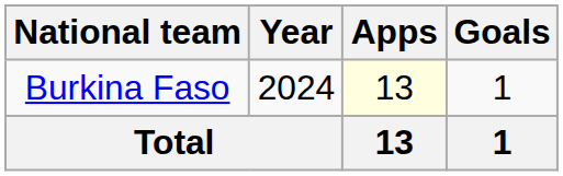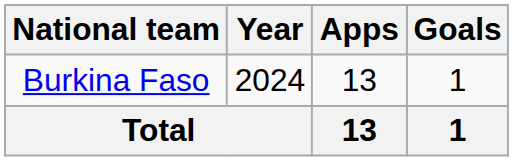 <table class=wikitable style="text-align: center">
 <tr>
 <th>National team</th>
 <th>Year</th>
 <th>Apps</th>
 <th>Goals</th>
 </tr>
 <tr>
 <td><a href='#'>Burkina Faso</a></td>
 <td>2024</td>
-<td style="background: lightyellow;">13</td>
+<td>13</td>
 <td>1</td>
 </tr>
 <tr>
 <th colspan="2">Total</th>
 <th>13</th>
 <th>1</th>
 </tr>
 </table>
